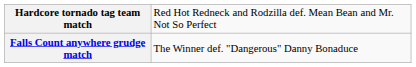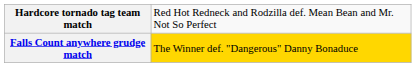 <table class="wikitable" border="1">
 <tr>
 <th>Hardcore tornado tag team match</th>
 <td>Red Hot Redneck and Rodzilla def. Mean Bean and Mr. Not So Perfect</td>
 </tr>
 <tr>
 <th><a href='#'>Falls Count anywhere grudge match</a></th>
-<td>The Winner def. "Dangerous" Danny Bonaduce</td>
+<td style="background: gold;">The Winner def. "Dangerous" Danny Bonaduce</td>
 </tr>
 </table>
